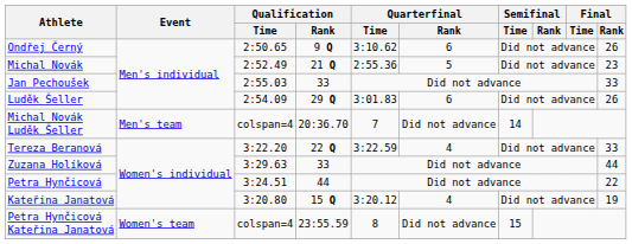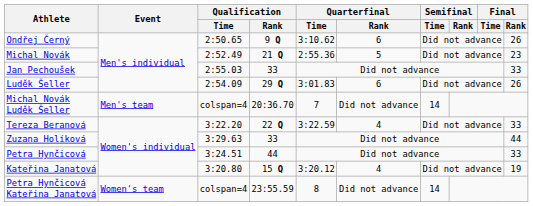 <table class=wikitable style=font-size:90%;text-align:center>
 <tr>
 <th rowspan=2>Athlete</th>
 <th rowspan=2>Event</th>
 <th colspan=2>Qualification</th>
 <th colspan=2>Quarterfinal</th>
 <th colspan=2>Semifinal</th>
 <th colspan=2>Final</th>
 </tr>
 <tr style=font-size:95%>
 <th>Time</th>
 <th>Rank</th>
 <th>Time</th>
 <th>Rank</th>
 <th>Time</th>
 <th>Rank</th>
 <th>Time</th>
 <th>Rank</th>
 </tr>
 <tr>
 <td align=left><a href='#'>Ondřej Černý</a></td>
 <td align=left rowspan=4><a href='#'>Men's individual</a></td>
 <td>2:50.65</td>
 <td>9 <strong>Q</strong></td>
 <td>3:10.62</td>
 <td>6</td>
 <td colspan=3>Did not advance</td>
 <td>26</td>
 </tr>
 <tr>
 <td align=left><a href='#'>Michal Novák</a></td>
 <td>2:52.49</td>
 <td>21 <strong>Q</strong></td>
 <td>2:55.36</td>
 <td>5</td>
 <td colspan=3>Did not advance</td>
 <td>23</td>
 </tr>
 <tr>
 <td align=left><a href='#'>Jan Pechoušek</a></td>
 <td>2:55.03</td>
 <td>33</td>
 <td colspan=5>Did not advance</td>
 <td>33</td>
 </tr>
 <tr>
 <td align=left><a href='#'>Luděk Šeller</a></td>
 <td>2:54.09</td>
 <td>29 <strong>Q</strong></td>
 <td>3:01.83</td>
 <td>6</td>
 <td colspan=3>Did not advance</td>
 <td>26</td>
 </tr>
 <tr>
 <td align=left><a href='#'>Michal Novák</a><br><a href='#'>Luděk Šeller</a></td>
 <td align=left><a href='#'>Men's team</a></td>
 <td>colspan=4 </td>
 <td>20:36.70</td>
 <td>7</td>
 <td>Did not advance</td>
 <td>14</td>
 </tr>
 <tr>
 <td align=left><a href='#'>Tereza Beranová</a></td>
 <td align=left rowspan=4><a href='#'>Women's individual</a></td>
 <td>3:22.20</td>
 <td>22 <strong>Q</strong></td>
 <td>3:22.59</td>
 <td>4</td>
 <td colspan=3>Did not advance</td>
 <td>33</td>
 </tr>
 <tr>
 <td align=left><a href='#'>Zuzana Holíková</a></td>
 <td>3:29.63</td>
 <td>33</td>
 <td colspan=5>Did not advance</td>
 <td>44</td>
 </tr>
 <tr>
 <td align=left><a href='#'>Petra Hynčicová</a></td>
 <td>3:24.51</td>
 <td>44</td>
 <td colspan=5>Did not advance</td>
-<td>22</td>
+<td>33</td>
 </tr>
 <tr>
 <td align=left><a href='#'>Kateřina Janatová</a></td>
 <td>3:20.80</td>
 <td>15 <strong>Q</strong></td>
 <td>3:20.12</td>
 <td>4</td>
 <td colspan=3>Did not advance</td>
 <td>19</td>
 </tr>
 <tr>
 <td align=left><a href='#'>Petra Hynčicová</a><br><a href='#'>Kateřina Janatová</a></td>
 <td align=left><a href='#'>Women's team</a></td>
 <td>colspan=4 </td>
 <td>23:55.59</td>
 <td>8</td>
 <td>Did not advance</td>
-<td>15</td>
+<td>14</td>
 </tr>
 </table>
